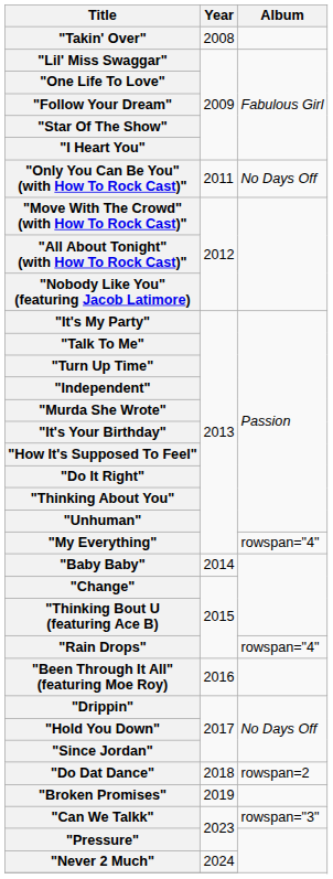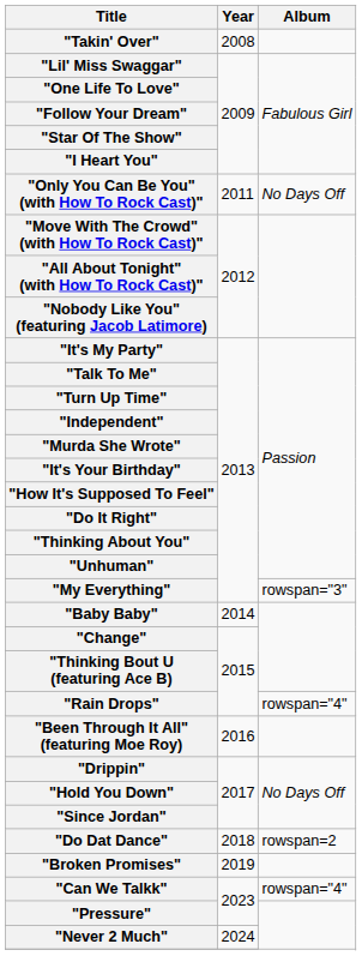 <table class="wikitable plainrowheaders">
 <tr>
 <th>Title</th>
 <th>Year</th>
 <th>Album</th>
 </tr>
 <tr>
 <th scope="row">"Takin' Over"</th>
 <td>2008</td>
 <td></td>
 </tr>
 <tr>
 <th scope="row">"Lil' Miss Swaggar"</th>
 <td rowspan=5>2009</td>
 <td rowspan=5><em>Fabulous Girl</em></td>
 </tr>
 <tr>
 <th scope="row">"One Life To Love"</th>
 </tr>
 <tr>
 <th scope="row">"Follow Your Dream"</th>
 </tr>
 <tr>
 <th scope="row">"Star Of The Show"</th>
 </tr>
 <tr>
 <th scope="row">"I Heart You"</th>
 </tr>
 <tr>
 <th scope="row">"Only You Can Be You"<br><span>(with <a href='#'>How To Rock Cast</a>)"</span></th>
 <td>2011</td>
 <td><em>No Days Off</em></td>
 </tr>
 <tr>
 <th scope="row">"Move With The Crowd"<br><span>(with <a href='#'>How To Rock Cast</a>)"</span></th>
 <td rowspan=3>2012</td>
 </tr>
 <tr>
 <th scope="row">"All About Tonight" <br><span>(with <a href='#'>How To Rock Cast</a>)"</span></th>
 </tr>
 <tr>
 <th scope="row">"Nobody Like You"<br><span>(featuring <a href='#'>Jacob Latimore</a>)</span></th>
 </tr>
 <tr>
 <th scope="row">"It's My Party"</th>
 <td rowspan=11>2013</td>
 <td rowspan=10><em>Passion</em></td>
 </tr>
 <tr>
 <th scope="row">"Talk To Me"</th>
 </tr>
 <tr>
 <th scope="row">"Turn Up Time"</th>
 </tr>
 <tr>
 <th scope="row">"Independent"</th>
 </tr>
 <tr>
 <th scope="row">"Murda She Wrote"</th>
 </tr>
 <tr>
 <th scope="row">"It's Your Birthday"</th>
 </tr>
 <tr>
 <th scope="row">"How It's Supposed To Feel"</th>
 </tr>
 <tr>
 <th scope="row">"Do It Right"</th>
 </tr>
 <tr>
 <th scope="row">"Thinking About You"</th>
 </tr>
 <tr>
 <th scope="row">"Unhuman"</th>
 </tr>
 <tr>
 <th scope="row">"My Everything"</th>
-<td>rowspan="4" </td>
+<td>rowspan="3" </td>
 </tr>
 <tr>
 <th scope="row">"Baby Baby"</th>
 <td>2014</td>
 </tr>
 <tr>
 <th scope="row">"Change"</th>
 <td rowspan=3>2015</td>
 </tr>
 <tr>
 <th scope="row">"Thinking Bout U <br><span>(featuring Ace B)</span></th>
 </tr>
 <tr>
 <th scope="row">"Rain Drops"</th>
 <td>rowspan="4" </td>
 </tr>
 <tr>
 <th scope="row">"Been Through It All" <br><span>(featuring Moe Roy)</span></th>
 <td>2016</td>
 <td></td>
 </tr>
 <tr>
 <th scope="row">"Drippin"</th>
 <td rowspan=3>2017</td>
 <td rowspan=3><em>No Days Off</em></td>
 </tr>
 <tr>
 <th scope="row">"Hold You Down"</th>
 </tr>
 <tr>
 <th scope="row">"Since Jordan"</th>
 </tr>
 <tr>
 <th scope="row">"Do Dat Dance"</th>
 <td>2018</td>
 <td>rowspan=2 </td>
 </tr>
 <tr>
 <th scope="row">"Broken Promises"</th>
 <td>2019</td>
 </tr>
 <tr>
 <th scope="row">"Can We Talkk"</th>
 <td rowspan="2">2023</td>
-<td>rowspan="3" </td>
+<td>rowspan="4" </td>
 </tr>
 <tr>
 <th scope="row">"Pressure"</th>
 </tr>
 <tr>
 <th scope="row">"Never 2 Much"</th>
 <td>2024</td>
 </tr>
 <tr>
 </tr>
 </table>
